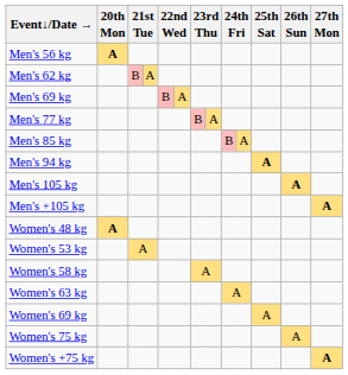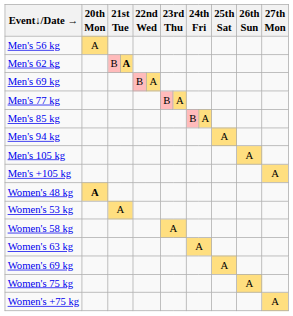 <table class="wikitable" style="margin:0.5em auto; font-size:90%; line-height:1.25em; text-align:center;">
 <tr>
 <th>Event↓/Date →</th>
 <th>20th<br>Mon</th>
 <th colspan=2>21st<br>Tue</th>
 <th colspan=2>22nd<br>Wed</th>
 <th colspan=2>23rd<br>Thu</th>
 <th colspan=2>24th<br>Fri</th>
 <th>25th<br>Sat</th>
 <th>26th<br>Sun</th>
 <th>27th<br>Mon</th>
 </tr>
 <tr>
 <td align="left"><a href='#'>Men's 56 kg</a></td>
-<td bgcolor="#FFDF80"><strong>A</strong></td>
+<td bgcolor="#FFDF80">A</td>
 <td colspan=2></td>
 <td colspan=2></td>
 <td colspan=2></td>
 <td colspan=2></td>
 <td></td>
 <td></td>
 <td></td>
 </tr>
 <tr>
 <td align="left"><a href='#'>Men's 62 kg</a></td>
 <td></td>
 <td bgcolor="#FFBBBB">B</td>
-<td bgcolor="#FFDF80">A</td>
+<td bgcolor="#FFDF80"><strong>A</strong></td>
 <td colspan=2></td>
 <td colspan=2></td>
 <td colspan=2></td>
 <td></td>
 <td></td>
 <td></td>
 </tr>
 <tr>
 <td align="left"><a href='#'>Men's 69 kg</a></td>
 <td></td>
 <td colspan=2></td>
 <td bgcolor="#FFBBBB">B</td>
 <td bgcolor="#FFDF80">A</td>
 <td colspan=2></td>
 <td colspan=2></td>
 <td></td>
 <td></td>
 <td></td>
 </tr>
 <tr>
 <td align="left"><a href='#'>Men's 77 kg</a></td>
 <td></td>
 <td colspan=2></td>
 <td colspan=2></td>
 <td bgcolor="#FFBBBB">B</td>
 <td bgcolor="#FFDF80">A</td>
 <td colspan=2></td>
 <td></td>
 <td></td>
 <td></td>
 </tr>
 <tr>
 <td align="left"><a href='#'>Men's 85 kg</a></td>
 <td></td>
 <td colspan=2></td>
 <td colspan=2></td>
 <td colspan=2></td>
 <td bgcolor="#FFBBBB">B</td>
 <td bgcolor="#FFDF80">A</td>
 <td></td>
 <td></td>
 <td></td>
 </tr>
 <tr>
 <td align="left"><a href='#'>Men's 94 kg</a></td>
 <td></td>
 <td colspan=2></td>
 <td colspan=2></td>
 <td colspan=2></td>
 <td colspan=2></td>
-<td bgcolor="#FFDF80"><strong>A</strong></td>
+<td bgcolor="#FFDF80">A</td>
 <td></td>
 <td></td>
 </tr>
 <tr>
 <td align="left"><a href='#'>Men's 105 kg</a></td>
 <td></td>
 <td colspan=2></td>
 <td colspan=2></td>
 <td colspan=2></td>
 <td colspan=2></td>
 <td></td>
-<td bgcolor="#FFDF80"><strong>A</strong></td>
+<td bgcolor="#FFDF80">A</td>
 <td></td>
 </tr>
 <tr>
 <td align="left"><a href='#'>Men's +105 kg</a></td>
 <td></td>
 <td colspan=2></td>
 <td colspan=2></td>
 <td colspan=2></td>
 <td colspan=2></td>
 <td></td>
 <td></td>
-<td bgcolor="#FFDF80"><strong>A</strong></td>
+<td bgcolor="#FFDF80">A</td>
 </tr>
 <tr>
 <td align="left"><a href='#'>Women's 48 kg</a></td>
 <td bgcolor="#FFDF80"><strong>A</strong></td>
 <td colspan=2></td>
 <td colspan=2></td>
 <td colspan=2></td>
 <td colspan=2></td>
 <td></td>
 <td></td>
 <td></td>
 </tr>
 <tr>
 <td align="left"><a href='#'>Women's 53 kg</a></td>
 <td></td>
 <td colspan=2 bgcolor="#FFDF80">A</td>
 <td colspan=2></td>
 <td colspan=2></td>
 <td colspan=2></td>
 <td></td>
 <td></td>
 <td></td>
 </tr>
 <tr>
 <td align="left"><a href='#'>Women's 58 kg</a></td>
 <td></td>
 <td colspan=2></td>
 <td colspan=2></td>
 <td colspan=2 bgcolor="#FFDF80">A</td>
 <td colspan=2></td>
 <td></td>
 <td></td>
 <td></td>
 </tr>
 <tr>
 <td align="left"><a href='#'>Women's 63 kg</a></td>
 <td></td>
 <td colspan=2></td>
 <td colspan=2></td>
 <td colspan=2></td>
 <td colspan=2 bgcolor="#FFDF80">A</td>
 <td></td>
 <td></td>
 <td></td>
 </tr>
 <tr>
 <td align="left"><a href='#'>Women's 69 kg</a></td>
 <td></td>
 <td colspan=2></td>
 <td colspan=2></td>
 <td colspan=2></td>
 <td colspan=2></td>
 <td bgcolor="#FFDF80">A</td>
 <td></td>
 <td></td>
 </tr>
 <tr>
 <td align="left"><a href='#'>Women's 75 kg</a></td>
 <td></td>
 <td colspan=2></td>
 <td colspan=2></td>
 <td colspan=2></td>
 <td colspan=2></td>
 <td></td>
 <td bgcolor="#FFDF80">A</td>
 <td></td>
 </tr>
 <tr>
 <td align="left"><a href='#'>Women's +75 kg</a></td>
 <td></td>
 <td colspan=2></td>
 <td colspan=2></td>
 <td colspan=2></td>
 <td colspan=2></td>
 <td></td>
 <td></td>
-<td bgcolor="#FFDF80"><strong>A</strong></td>
+<td bgcolor="#FFDF80">A</td>
 </tr>
 </table>
